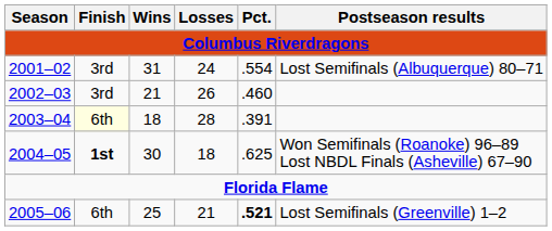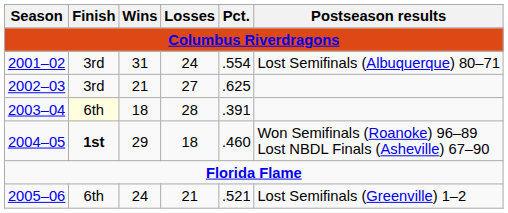 <table class="wikitable" style="font-size:95%; text-align:center">
 <tr>
 <th>Season</th>
 <th>Finish</th>
 <th>Wins</th>
 <th>Losses</th>
 <th>Pct.</th>
 <th>Postseason results</th>
 </tr>
 <tr>
 <td colspan=7 bgcolor="#DD4814"><span> <strong><a href='#'>Columbus Riverdragons</a></strong></span></td>
 </tr>
 <tr>
 <td><a href='#'>2001–02</a></td>
 <td>3rd</td>
 <td>31</td>
 <td>24</td>
 <td>.554</td>
 <td>Lost Semifinals (<a href='#'>Albuquerque</a>) 80–71</td>
 </tr>
 <tr>
 <td><a href='#'>2002–03</a></td>
 <td>3rd</td>
 <td>21</td>
-<td>26</td>
-<td>.460</td>
+<td>27</td>
+<td>.625</td>
 <td></td>
 </tr>
 <tr>
 <td><a href='#'>2003–04</a></td>
 <td style="background: lightyellow;">6th</td>
 <td>18</td>
 <td>28</td>
 <td>.391</td>
 <td></td>
 </tr>
 <tr>
 <td><a href='#'>2004–05</a></td>
 <td><strong>1st</strong></td>
-<td>30</td>
+<td>29</td>
 <td>18</td>
-<td>.625</td>
+<td>.460</td>
 <td align=left>Won Semifinals (<a href='#'>Roanoke</a>) 96–89<br> Lost NBDL Finals (<a href='#'>Asheville</a>) 67–90</td>
 </tr>
 <tr>
 <td colspan=6 align=center><strong><a href='#'>Florida Flame</a></strong></td>
 </tr>
 <tr>
 <td><a href='#'>2005–06</a></td>
 <td>6th</td>
-<td>25</td>
+<td>24</td>
 <td>21</td>
-<td><strong>.521</strong></td>
+<td>.521</td>
 <td align=left>Lost Semifinals (<a href='#'>Greenville</a>) 1–2</td>
 </tr>
 </table>
